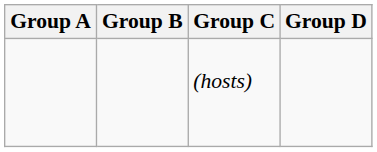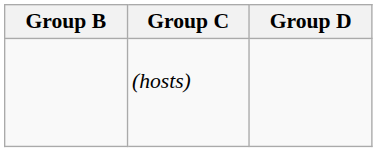 <table class="wikitable">
 <tr>
-<th width=25%>Group A</th>
 <th width=25%>Group B</th>
 <th width=25%>Group C</th>
 <th width=25%>Group D</th>
 </tr>
 <tr>
 <td><br> <br>  <br>  <br> </td>
-<td><br> <br>  <br>  <br> </td>
 <td><br> <em>(hosts)</em> <br>  <br>  <br> </td>
 <td><br> <br>  <br> </td>
 </tr>
 </table>
